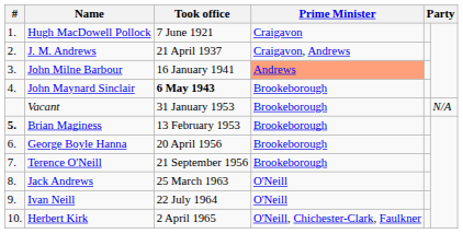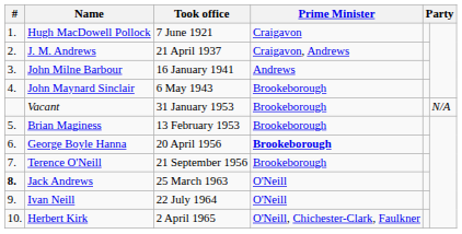 <table class="wikitable">
 <tr>
 <th>#</th>
 <th>Name</th>
 <th>Took office</th>
 <th><a href='#'>Prime Minister</a></th>
 <th colspan=2>Party</th>
 </tr>
 <tr>
 <td>1.</td>
 <td><a href='#'>Hugh MacDowell Pollock</a></td>
 <td>7 June 1921</td>
 <td><a href='#'>Craigavon</a></td>
 <td></td>
 </tr>
 <tr>
 <td>2.</td>
 <td><a href='#'>J. M. Andrews</a></td>
 <td>21 April 1937</td>
 <td><a href='#'>Craigavon</a>, <a href='#'>Andrews</a></td>
 <td></td>
 </tr>
 <tr>
 <td>3.</td>
 <td><a href='#'>John Milne Barbour</a></td>
 <td>16 January 1941</td>
-<td style="background: lightsalmon;"><a href='#'>Andrews</a></td>
+<td><a href='#'>Andrews</a></td>
 <td></td>
 </tr>
 <tr>
 <td>4.</td>
 <td><a href='#'>John Maynard Sinclair</a></td>
-<td><strong>6 May 1943</strong></td>
+<td>6 May 1943</td>
 <td><a href='#'>Brookeborough</a></td>
 <td></td>
 </tr>
 <tr>
 <td></td>
 <td><em>Vacant</em></td>
 <td>31 January 1953</td>
 <td><a href='#'>Brookeborough</a></td>
 <td></td>
 <td><em>N/A</em></td>
 </tr>
 <tr>
-<td><strong>5.</strong></td>
+<td>5.</td>
 <td><a href='#'>Brian Maginess</a></td>
 <td>13 February 1953</td>
 <td><a href='#'>Brookeborough</a></td>
 <td></td>
 </tr>
 <tr>
 <td>6.</td>
 <td><a href='#'>George Boyle Hanna</a></td>
 <td>20 April 1956</td>
-<td><a href='#'>Brookeborough</a></td>
+<td><strong><a href='#'>Brookeborough</a></strong></td>
 <td></td>
 </tr>
 <tr>
 <td>7.</td>
 <td><a href='#'>Terence O'Neill</a></td>
 <td>21 September 1956</td>
 <td><a href='#'>Brookeborough</a></td>
 <td></td>
 </tr>
 <tr>
-<td>8.</td>
+<td><strong>8.</strong></td>
 <td><a href='#'>Jack Andrews</a></td>
 <td>25 March 1963</td>
 <td><a href='#'>O'Neill</a></td>
 <td></td>
 </tr>
 <tr>
 <td>9.</td>
 <td><a href='#'>Ivan Neill</a></td>
 <td>22 July 1964</td>
 <td><a href='#'>O'Neill</a></td>
 <td></td>
 </tr>
 <tr>
 <td>10.</td>
 <td><a href='#'>Herbert Kirk</a></td>
 <td>2 April 1965</td>
 <td><a href='#'>O'Neill</a>, <a href='#'>Chichester-Clark</a>, <a href='#'>Faulkner</a></td>
 <td></td>
 </tr>
 </table>
